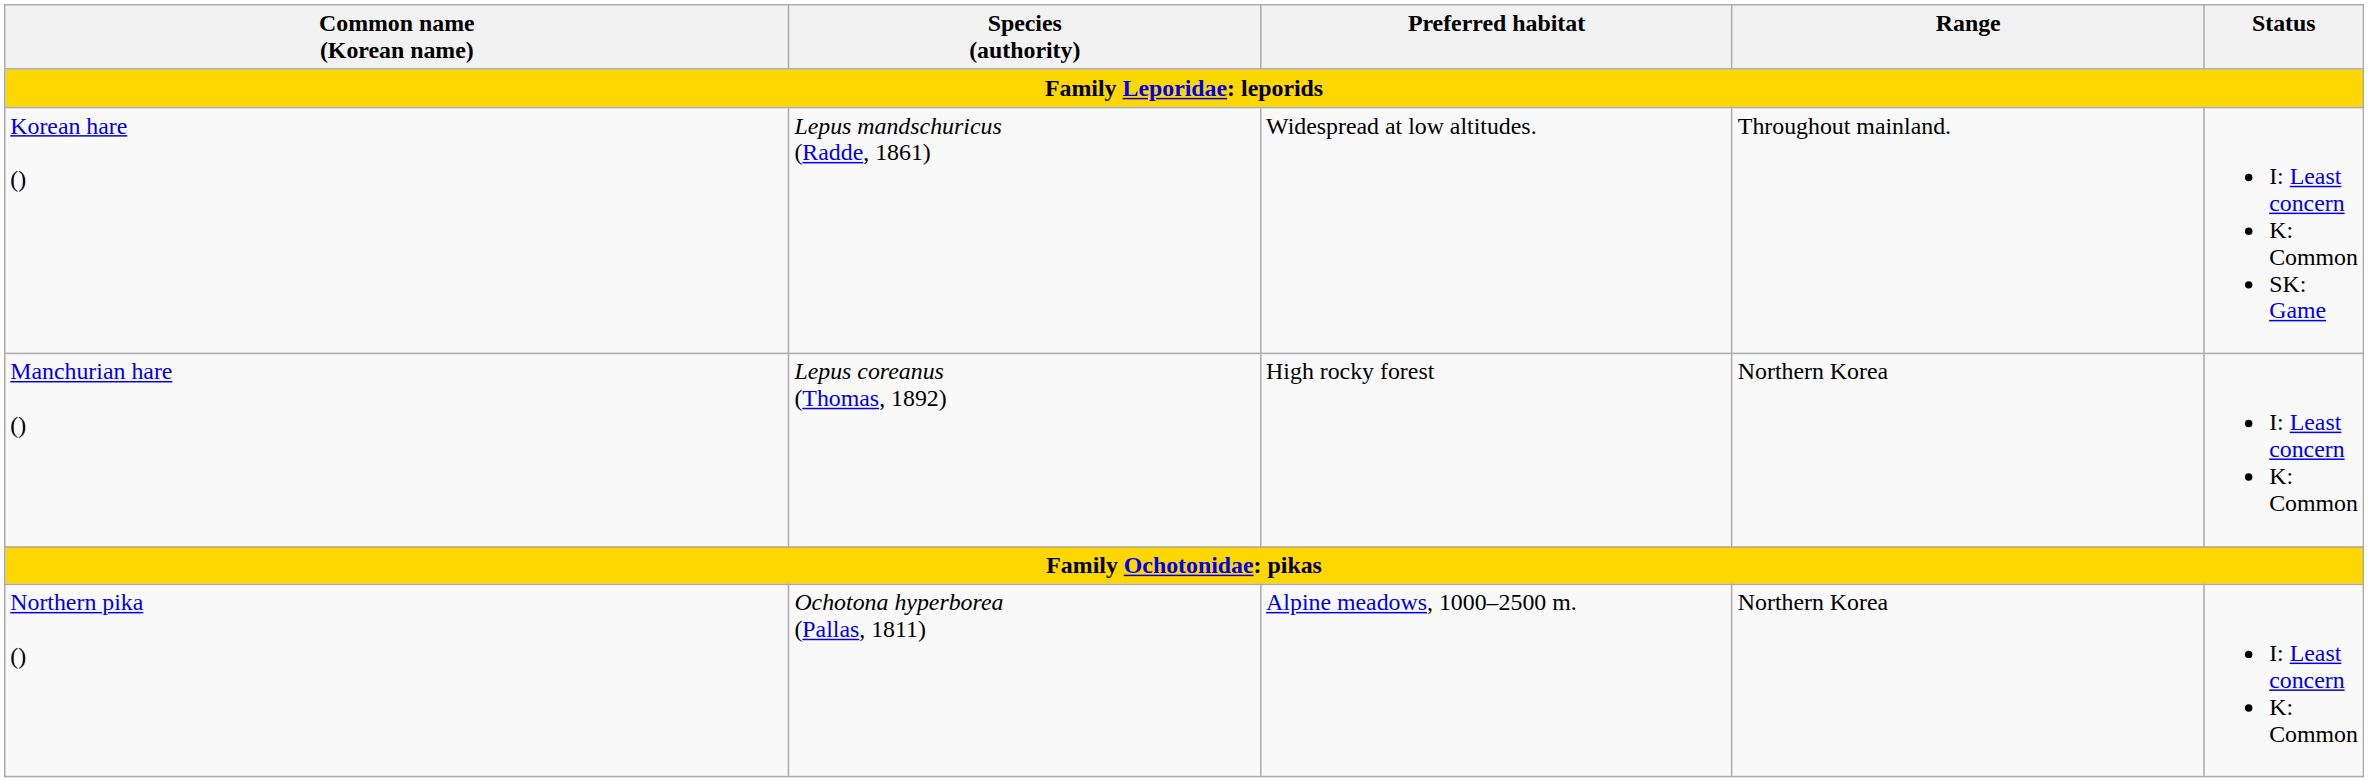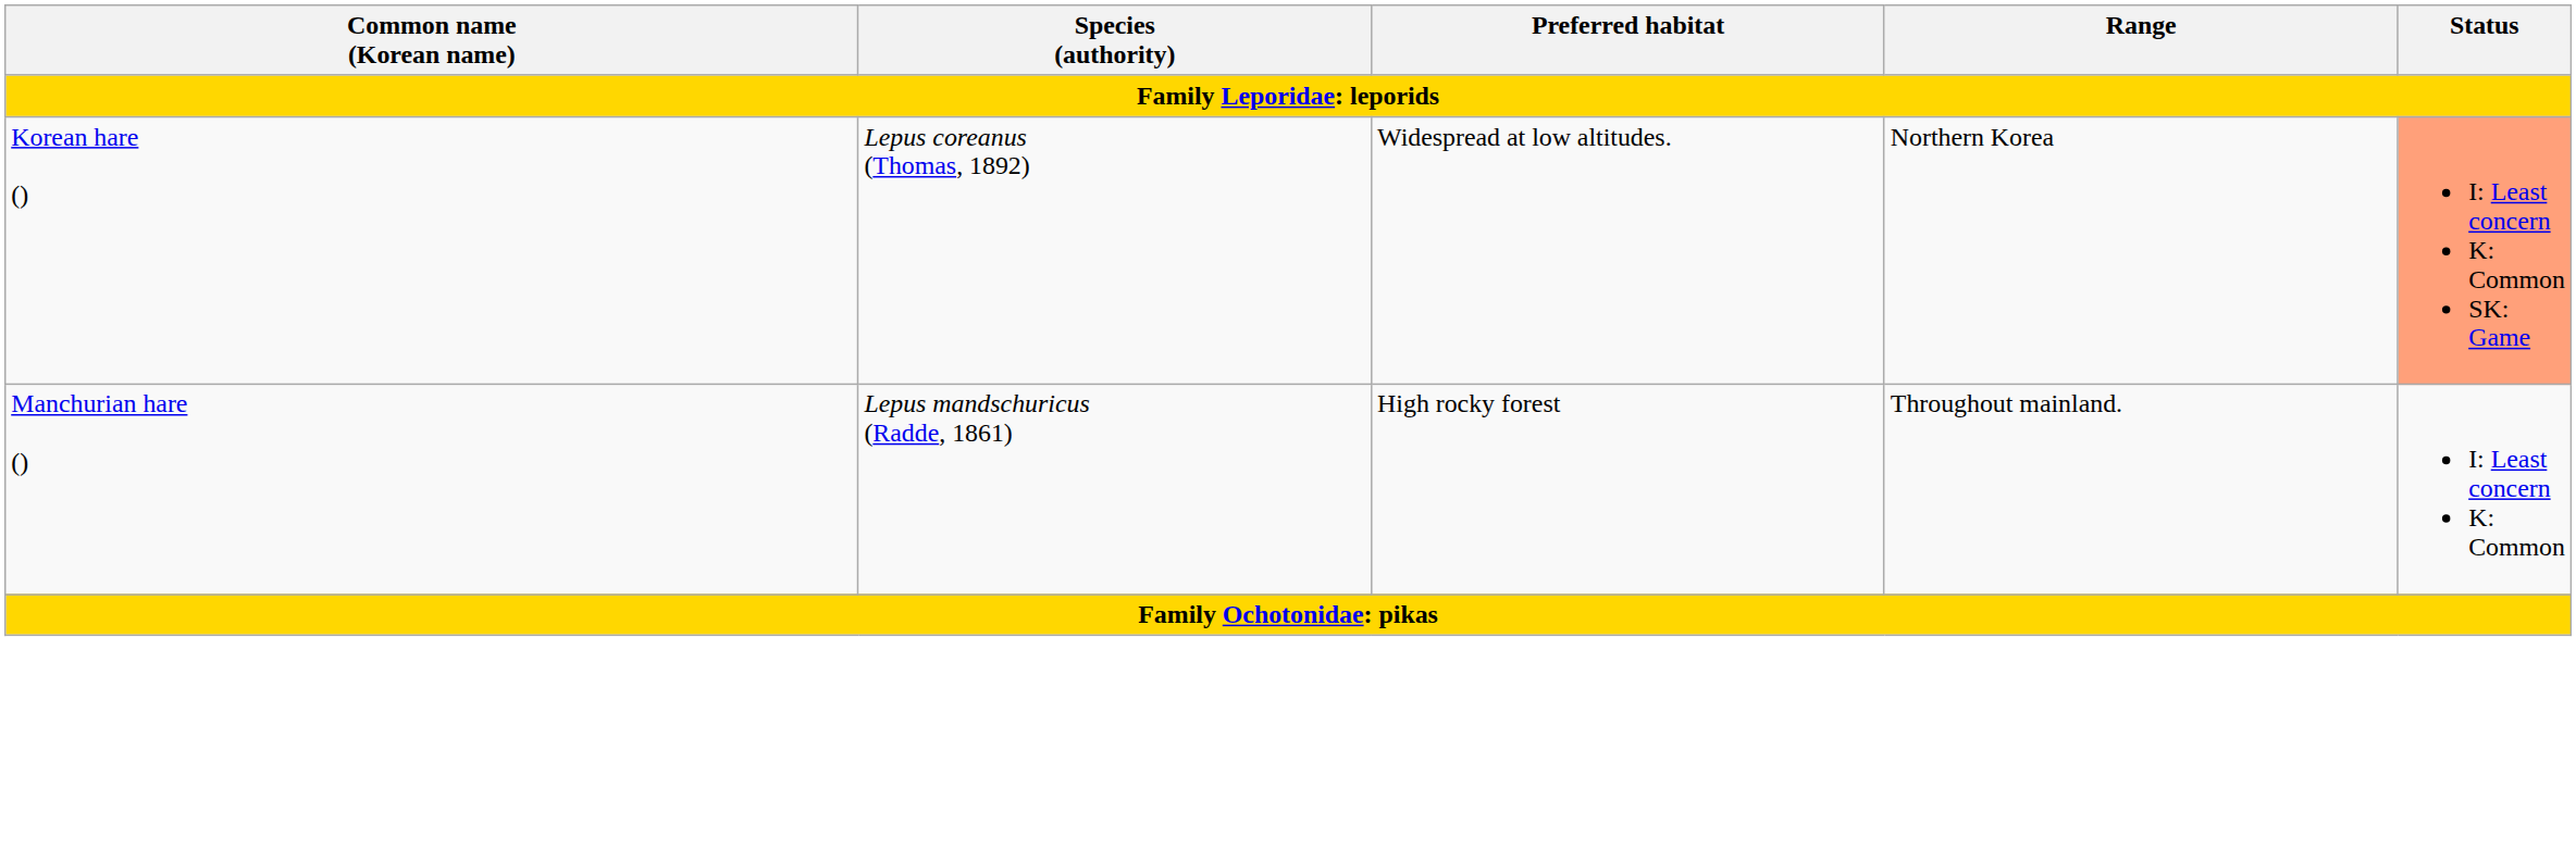 <table width=100% class="wikitable" style="text-align:left;">
 <tr valign="top">
 <th>Common name<br>(Korean name)</th>
 <th width="20%">Species<br>(authority)</th>
 <th width="20%">Preferred habitat</th>
 <th width="20%">Range</th>
 <th width="15em">Status</th>
 </tr>
 <tr>
 <td style="text-align:center;background:gold;" colspan=5><strong>Family <a href='#'>Leporidae</a>: leporids</strong></td>
 </tr>
 <tr valign="top">
 <td><a href='#'>Korean hare</a><br><br>()</td>
-<td><em>Lepus mandschuricus</em><br>(<a href='#'>Radde</a>, 1861)</td>
+<td><em>Lepus coreanus</em><br>(<a href='#'>Thomas</a>, 1892)</td>
 <td>Widespread at low altitudes.</td>
-<td>Throughout mainland.</td>
-<td><br><ul><li>I: <a href='#'>Least concern</a></li><li>K: Common</li><li>SK: <a href='#'>Game</a></li></ul></td>
+<td>Northern Korea</td>
+<td style="background: lightsalmon;"><br><ul><li>I: <a href='#'>Least concern</a></li><li>K: Common</li><li>SK: <a href='#'>Game</a></li></ul></td>
 </tr>
 <tr valign="top">
 <td><a href='#'>Manchurian hare</a><br><br>()</td>
-<td><em>Lepus coreanus</em><br>(<a href='#'>Thomas</a>, 1892)</td>
+<td><em>Lepus mandschuricus</em><br>(<a href='#'>Radde</a>, 1861)</td>
 <td>High rocky forest</td>
-<td>Northern Korea</td>
+<td>Throughout mainland.</td>
 <td><br><ul><li>I: <a href='#'>Least concern</a></li><li>K: Common</li></ul></td>
 </tr>
 <tr>
 <td style="text-align:center;background:gold;" colspan=5><strong>Family <a href='#'>Ochotonidae</a>: pikas</strong></td>
 </tr>
-<tr valign="top">
-<td><a href='#'>Northern pika</a><br> <br>()</td>
-<td><em>Ochotona hyperborea</em><br>(<a href='#'>Pallas</a>, 1811)</td>
-<td><a href='#'>Alpine meadows</a>, 1000–2500 m.</td>
-<td>Northern Korea</td>
-<td><br><ul><li>I: <a href='#'>Least concern</a></li><li>K: Common</li></ul></td>
-</tr>
 </table>
